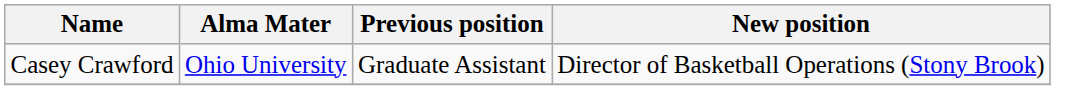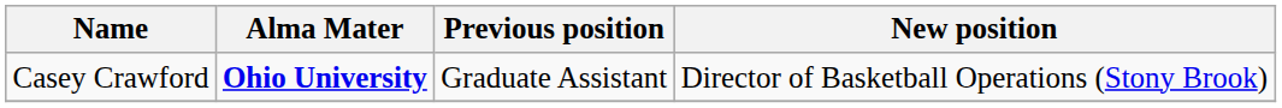 <table class="wikitable sortable" border="1">
 <tr align=center>
 <th>Name</th>
 <th>Alma Mater</th>
 <th>Previous position</th>
 <th>New position</th>
 </tr>
 <tr>
 <td>Casey Crawford</td>
-<td><a href='#'>Ohio University</a></td>
+<td><strong><a href='#'>Ohio University</a></strong></td>
 <td>Graduate Assistant</td>
 <td>Director of Basketball Operations (<a href='#'>Stony Brook</a>)</td>
 </tr>
 <tr>
 </tr>
 </table>
